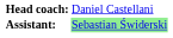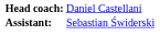 <table>
 <tr>
 <td><strong>Head coach:</strong></td>
 <td> <a href='#'>Daniel Castellani</a></td>
 </tr>
 <tr>
 <td><strong>Assistant:</strong></td>
-<td style="background: lightgreen;"> <a href='#'>Sebastian Świderski</a></td>
+<td> <a href='#'>Sebastian Świderski</a></td>
 </tr>
 <tr>
 </tr>
 </table>
